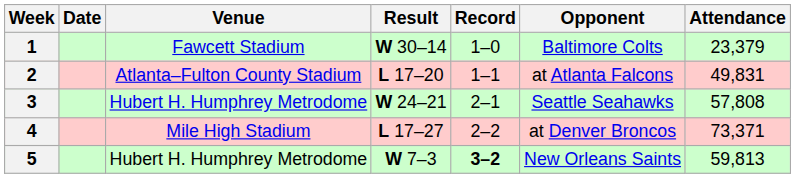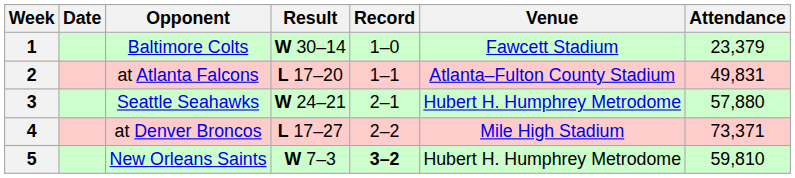 <table class="wikitable" style="text-align:center">
 <tr>
 <th>Week</th>
 <th>Date</th>
-<th>Venue</th>
+<th>Opponent</th>
 <th>Result</th>
 <th>Record</th>
-<th>Opponent</th>
+<th>Venue</th>
 <th>Attendance</th>
 </tr>
 <tr style="background:#cfc">
 <th>1</th>
 <td></td>
-<td><a href='#'>Fawcett Stadium</a> </td>
+<td><a href='#'>Baltimore Colts</a></td>
 <td><strong>W</strong> 30–14</td>
 <td>1–0</td>
-<td><a href='#'>Baltimore Colts</a></td>
+<td><a href='#'>Fawcett Stadium</a> </td>
 <td>23,379</td>
 </tr>
 <tr style="background:#fcc">
 <th>2</th>
 <td></td>
-<td><a href='#'>Atlanta–Fulton County Stadium</a></td>
+<td>at <a href='#'>Atlanta Falcons</a></td>
 <td><strong>L</strong> 17–20</td>
 <td>1–1</td>
-<td>at <a href='#'>Atlanta Falcons</a></td>
+<td><a href='#'>Atlanta–Fulton County Stadium</a></td>
 <td>49,831</td>
 </tr>
 <tr style="background:#cfc">
 <th>3</th>
 <td></td>
-<td><a href='#'>Hubert H. Humphrey Metrodome</a></td>
+<td><a href='#'>Seattle Seahawks</a></td>
 <td><strong>W</strong> 24–21</td>
 <td>2–1</td>
-<td><a href='#'>Seattle Seahawks</a></td>
-<td>57,808</td>
+<td><a href='#'>Hubert H. Humphrey Metrodome</a></td>
+<td>57,880</td>
 </tr>
 <tr style="background:#fcc">
 <th>4</th>
 <td></td>
-<td><a href='#'>Mile High Stadium</a></td>
+<td>at <a href='#'>Denver Broncos</a></td>
 <td><strong>L</strong> 17–27</td>
 <td>2–2</td>
-<td>at <a href='#'>Denver Broncos</a></td>
+<td><a href='#'>Mile High Stadium</a></td>
 <td>73,371</td>
 </tr>
 <tr style="background:#cfc">
 <th>5</th>
 <td></td>
-<td>Hubert H. Humphrey Metrodome</td>
+<td><a href='#'>New Orleans Saints</a></td>
 <td><strong>W</strong> 7–3</td>
 <td><strong>3–2</strong></td>
-<td><a href='#'>New Orleans Saints</a></td>
-<td>59,813</td>
+<td>Hubert H. Humphrey Metrodome</td>
+<td>59,810</td>
 </tr>
 </table>
